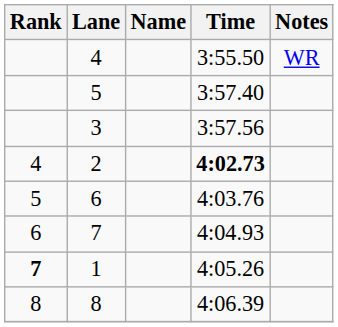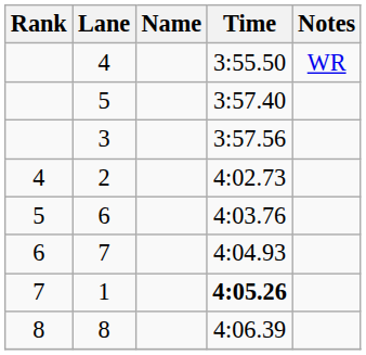 <table class="wikitable sortable" style="text-align:center">
 <tr>
 <th>Rank</th>
 <th>Lane</th>
 <th>Name</th>
 <th>Time</th>
 <th>Notes</th>
 </tr>
 <tr>
 <td></td>
 <td>4</td>
 <td align=left></td>
 <td>3:55.50</td>
 <td><a href='#'>WR</a></td>
 </tr>
 <tr>
 <td></td>
 <td>5</td>
 <td align=left></td>
 <td>3:57.40</td>
 <td></td>
 </tr>
 <tr>
 <td></td>
 <td>3</td>
 <td align=left></td>
 <td>3:57.56</td>
 <td></td>
 </tr>
 <tr>
 <td>4</td>
 <td>2</td>
 <td align=left></td>
-<td><strong>4:02.73</strong></td>
+<td>4:02.73</td>
 <td></td>
 </tr>
 <tr>
 <td>5</td>
 <td>6</td>
 <td align=left></td>
 <td>4:03.76</td>
 <td></td>
 </tr>
 <tr>
 <td>6</td>
 <td>7</td>
 <td align=left></td>
 <td>4:04.93</td>
 <td></td>
 </tr>
 <tr>
-<td><strong>7</strong></td>
+<td>7</td>
 <td>1</td>
 <td align=left></td>
-<td>4:05.26</td>
+<td><strong>4:05.26</strong></td>
 <td></td>
 </tr>
 <tr>
 <td>8</td>
 <td>8</td>
 <td align=left></td>
 <td>4:06.39</td>
 <td></td>
 </tr>
 <tr>
 </tr>
 </table>
